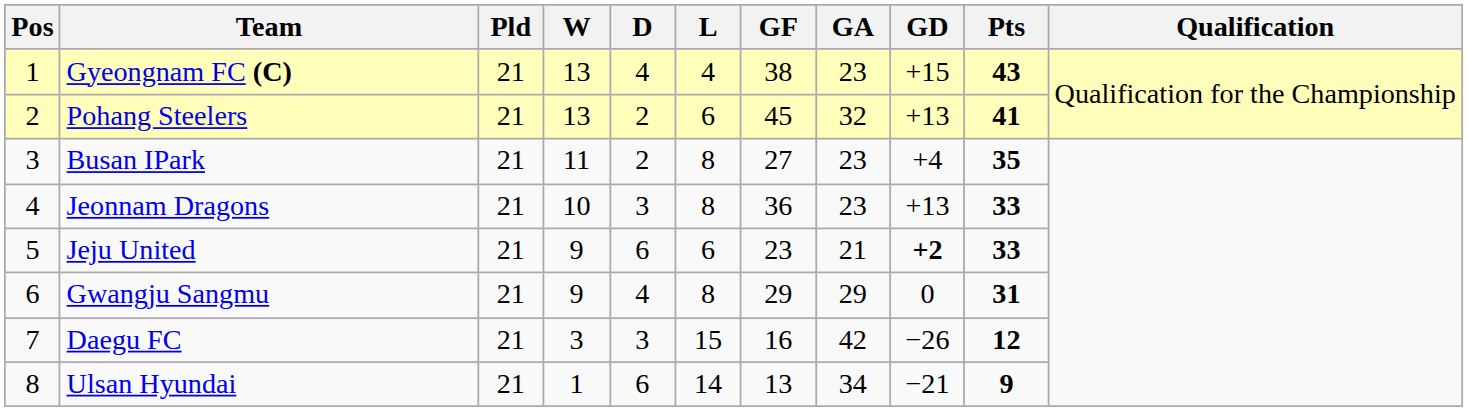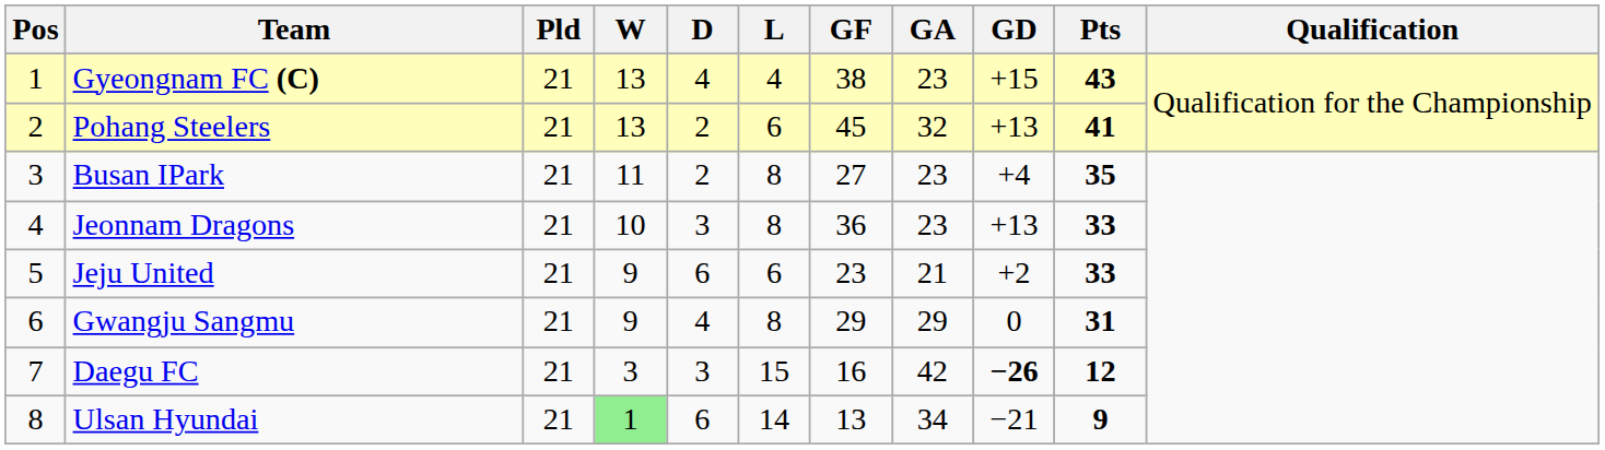 <table class="wikitable" style="text-align:center;">
 <tr>
 <th width=20>Pos</th>
 <th width=230>Team</th>
 <th width=30 abbr="Played">Pld</th>
 <th width=30 abbr="Won">W</th>
 <th width=30 abbr="Draw">D</th>
 <th width=30 abbr="Lost">L</th>
 <th width=35 abbr="Goals for">GF</th>
 <th width=35 abbr="Goals against">GA</th>
 <th width=35 abbr="Goal difference">GD</th>
 <th width=40 abbr="Points">Pts</th>
 <th>Qualification</th>
 </tr>
 <tr bgcolor=#ffffbb>
 <td>1</td>
 <td align="left"><a href='#'>Gyeongnam FC</a> <strong>(C)</strong></td>
 <td>21</td>
 <td>13</td>
 <td>4</td>
 <td>4</td>
 <td>38</td>
 <td>23</td>
 <td>+15</td>
 <td><strong>43</strong></td>
 <td rowspan=2>Qualification for the Championship</td>
 </tr>
 <tr bgcolor=#ffffbb>
 <td>2</td>
 <td align="left"><a href='#'>Pohang Steelers</a></td>
 <td>21</td>
 <td>13</td>
 <td>2</td>
 <td>6</td>
 <td>45</td>
 <td>32</td>
 <td>+13</td>
 <td><strong>41</strong></td>
 </tr>
 <tr>
 <td>3</td>
 <td align="left"><a href='#'>Busan IPark</a></td>
 <td>21</td>
 <td>11</td>
 <td>2</td>
 <td>8</td>
 <td>27</td>
 <td>23</td>
 <td>+4</td>
 <td><strong>35</strong></td>
 <td rowspan=6></td>
 </tr>
 <tr>
 <td>4</td>
 <td align="left"><a href='#'>Jeonnam Dragons</a></td>
 <td>21</td>
 <td>10</td>
 <td>3</td>
 <td>8</td>
 <td>36</td>
 <td>23</td>
 <td>+13</td>
 <td><strong>33</strong></td>
 </tr>
 <tr>
 <td>5</td>
 <td align="left"><a href='#'>Jeju United</a></td>
 <td>21</td>
 <td>9</td>
 <td>6</td>
 <td>6</td>
 <td>23</td>
 <td>21</td>
-<td><strong>+2</strong></td>
+<td>+2</td>
 <td><strong>33</strong></td>
 </tr>
 <tr>
 <td>6</td>
 <td align="left"><a href='#'>Gwangju Sangmu</a></td>
 <td>21</td>
 <td>9</td>
 <td>4</td>
 <td>8</td>
 <td>29</td>
 <td>29</td>
 <td>0</td>
 <td><strong>31</strong></td>
 </tr>
 <tr>
 <td>7</td>
 <td align="left"><a href='#'>Daegu FC</a></td>
 <td>21</td>
 <td>3</td>
 <td>3</td>
 <td>15</td>
 <td>16</td>
 <td>42</td>
-<td>−26</td>
+<td><strong>−26</strong></td>
 <td><strong>12</strong></td>
 </tr>
 <tr>
 <td>8</td>
 <td align="left"><a href='#'>Ulsan Hyundai</a></td>
 <td>21</td>
-<td>1</td>
+<td style="background: lightgreen;">1</td>
 <td>6</td>
 <td>14</td>
 <td>13</td>
 <td>34</td>
 <td>−21</td>
 <td><strong>9</strong></td>
 </tr>
 </table>
